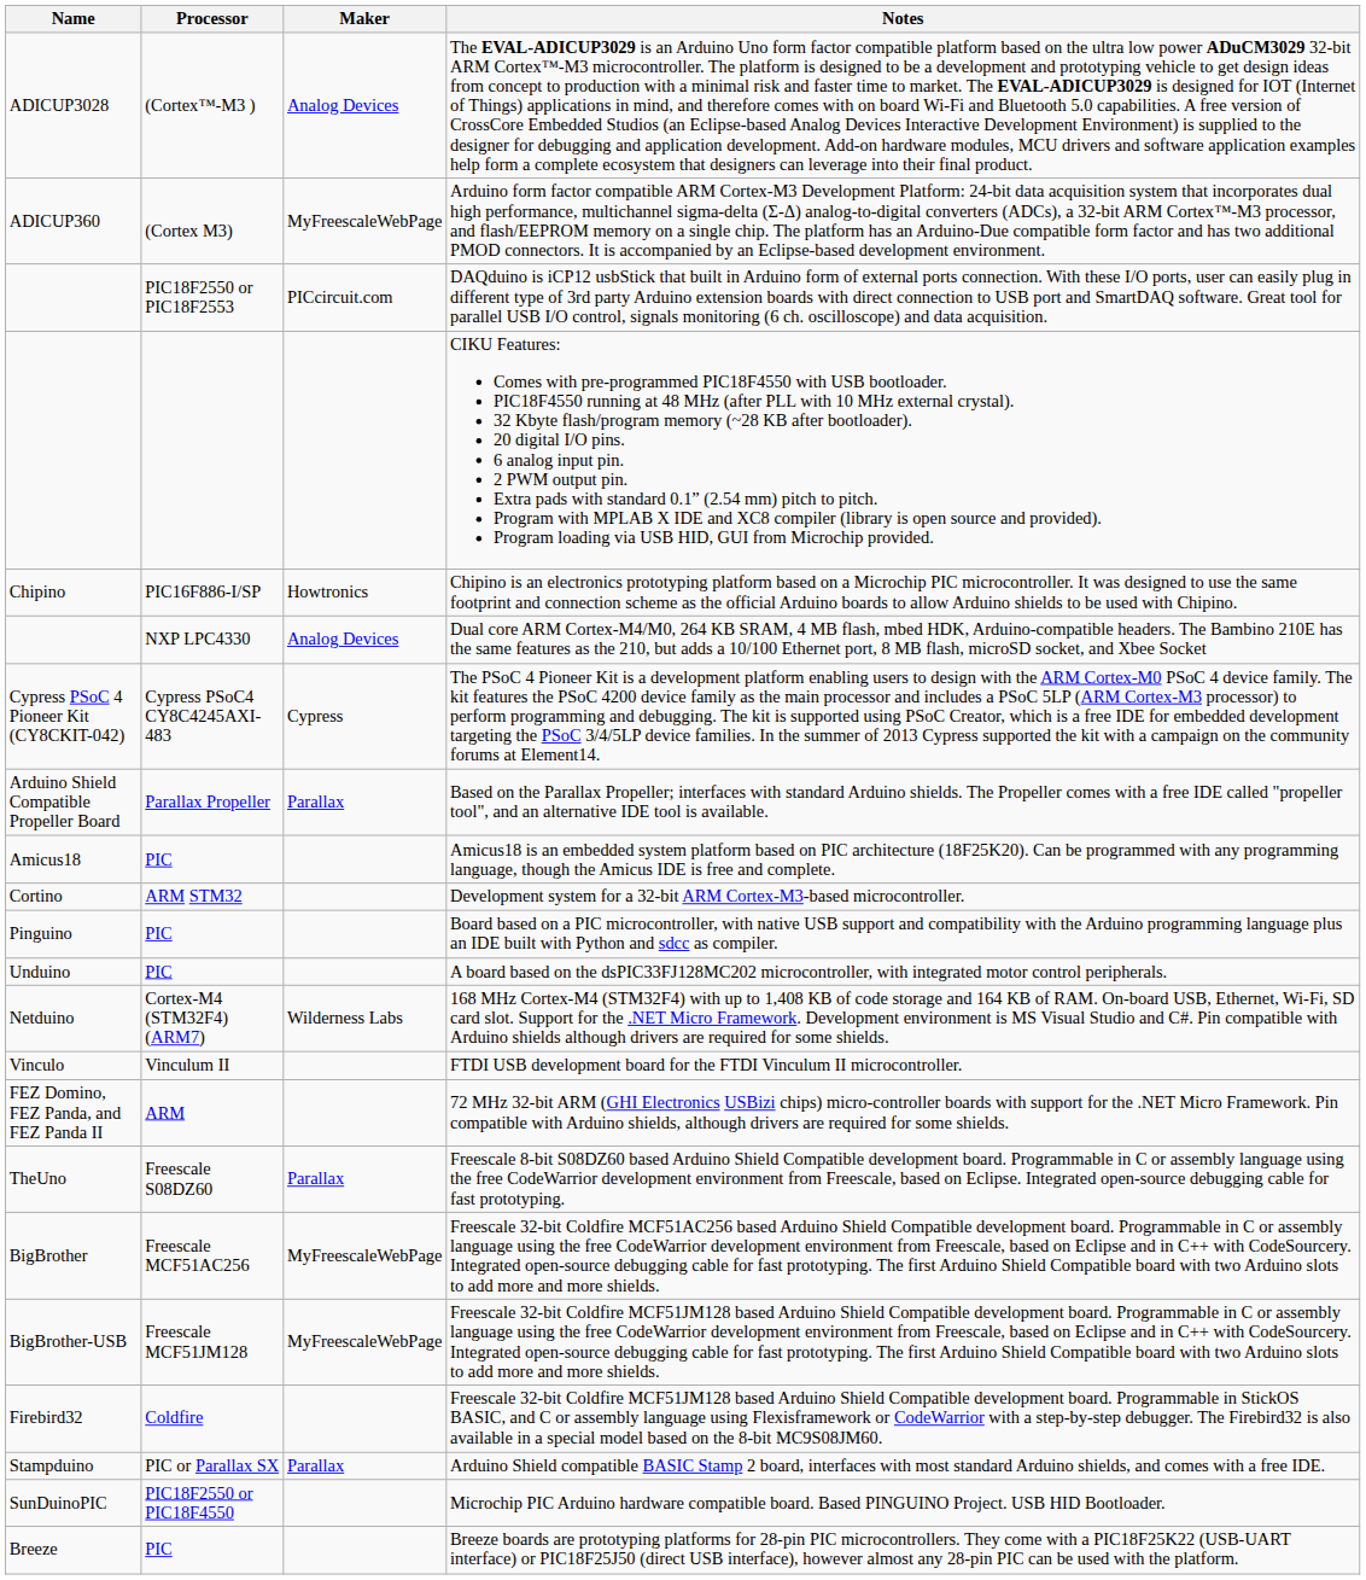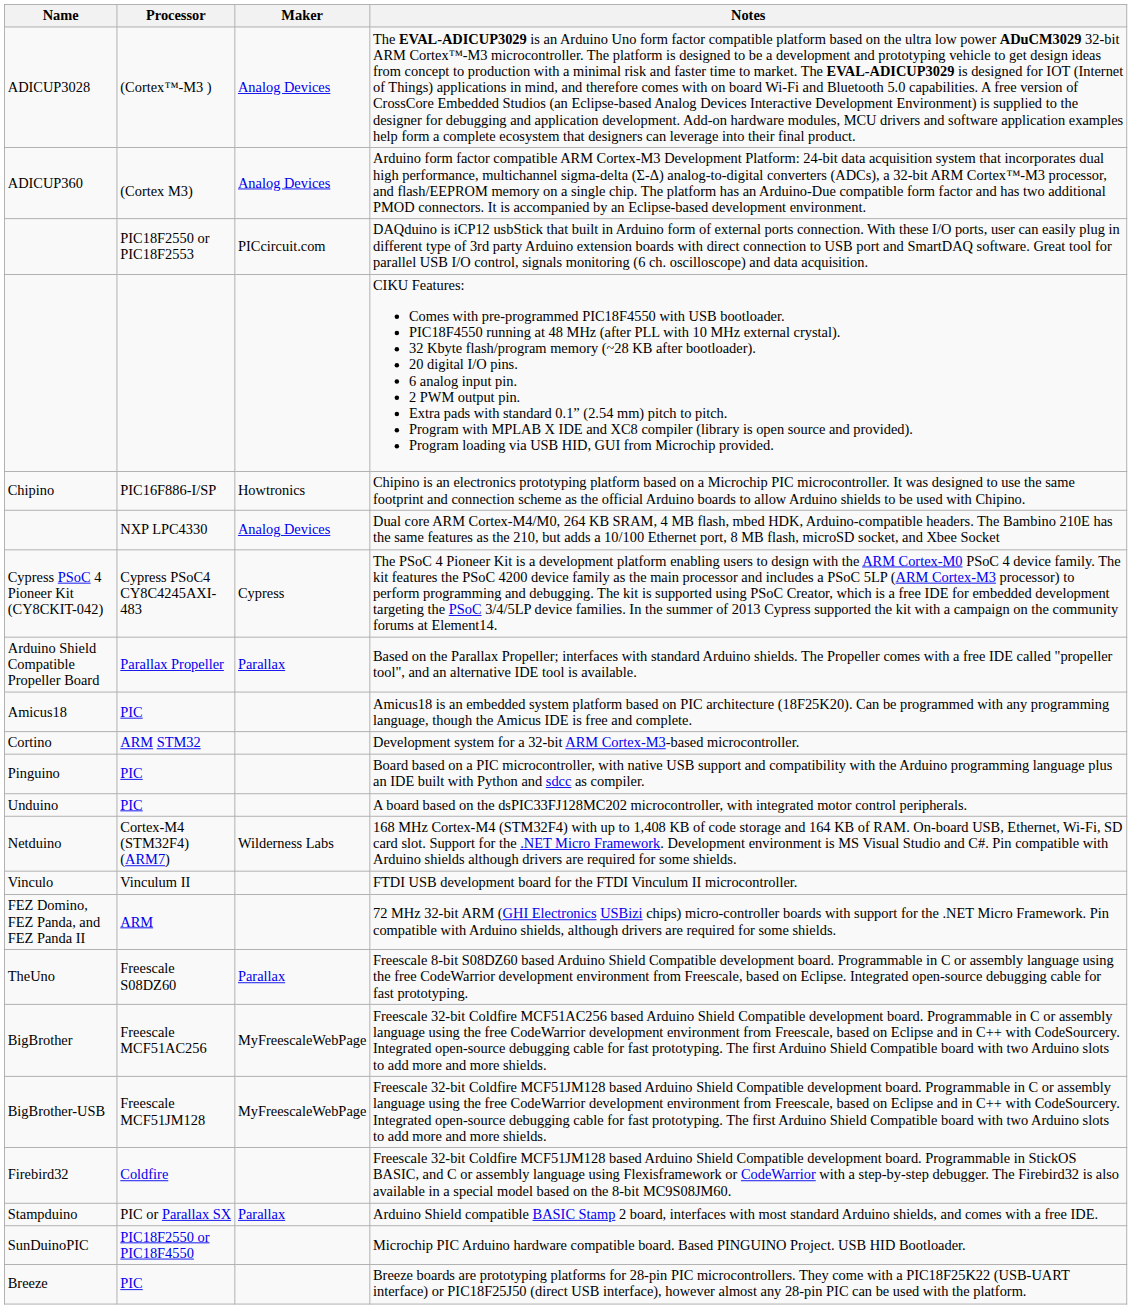 <table class="wikitable sortable">
 <tr>
 <th>Name</th>
 <th>Processor</th>
 <th>Maker</th>
 <th>Notes</th>
 </tr>
 <tr>
 <td>ADICUP3028</td>
 <td><strong></strong>   (Cortex™-M3 )</td>
 <td><a href='#'>Analog Devices</a></td>
 <td>The <strong>EVAL-ADICUP3029</strong> is an Arduino Uno form factor compatible platform based on the ultra low power <strong>ADuCM3029</strong> 32-bit ARM Cortex™-M3 microcontroller.  The platform is designed to be a development and prototyping vehicle to get design ideas from concept to production with a minimal risk and faster time to market.  The <strong>EVAL-ADICUP3029</strong> is designed for IOT (Internet of Things) applications in mind, and therefore comes with on board Wi-Fi and Bluetooth 5.0 capabilities.  A free version of CrossCore Embedded Studios (an Eclipse-based Analog Devices Interactive Development Environment) is supplied to the designer for debugging and application development.  Add-on hardware modules, MCU drivers and software application examples help form a complete ecosystem that designers can leverage into their final product.</td>
 </tr>
 <tr>
 <td>ADICUP360</td>
 <td><br>(Cortex M3)</td>
-<td>MyFreescaleWebPage</td>
+<td><a href='#'>Analog Devices</a></td>
 <td>Arduino form factor compatible ARM Cortex-M3 Development Platform: 24-bit data acquisition system that incorporates dual high performance, multichannel sigma-delta (Σ-Δ) analog-to-digital converters (ADCs), a 32-bit ARM Cortex™-M3 processor, and flash/EEPROM memory on a single chip. The platform has an Arduino-Due compatible form factor and has two additional PMOD connectors. It is accompanied by an Eclipse-based development environment.</td>
 </tr>
 <tr>
 <td></td>
 <td>PIC18F2550 or<br>PIC18F2553</td>
 <td>PICcircuit.com</td>
 <td>DAQduino is iCP12 usbStick that built in Arduino form of external ports connection. With these I/O ports, user can easily plug in different type of 3rd party Arduino extension boards with direct connection to USB port and SmartDAQ software. Great tool for parallel USB I/O control, signals monitoring (6 ch. oscilloscope) and data acquisition.</td>
 </tr>
 <tr>
 <td></td>
 <td></td>
 <td></td>
 <td>CIKU Features:<br><ul><li>Comes with pre-programmed PIC18F4550 with USB bootloader.</li><li>PIC18F4550 running at 48 MHz (after PLL with 10 MHz external crystal).</li><li>32 Kbyte flash/program memory (~28 KB after bootloader).</li><li>20 digital I/O pins.</li><li>6 analog input pin.</li><li>2 PWM output pin.</li><li>Extra pads with standard 0.1” (2.54 mm) pitch to pitch.</li><li>Program with MPLAB X IDE and XC8 compiler (library is open source and provided).</li><li>Program loading via USB HID, GUI from Microchip provided.</li></ul></td>
 </tr>
 <tr>
 <td>Chipino</td>
 <td>PIC16F886-I/SP</td>
 <td>Howtronics</td>
 <td>Chipino is an electronics prototyping platform based on a Microchip PIC microcontroller. It was designed to use the same footprint and connection scheme as the official Arduino boards to allow Arduino shields to be used with Chipino.</td>
 </tr>
 <tr>
 <td></td>
 <td>NXP LPC4330</td>
 <td><a href='#'>Analog Devices</a></td>
 <td>Dual core ARM Cortex-M4/M0, 264 KB SRAM, 4 MB flash, mbed HDK, Arduino-compatible headers. The Bambino 210E has the same features as the 210, but adds a 10/100 Ethernet port, 8 MB flash, microSD socket, and Xbee Socket</td>
 </tr>
 <tr>
 <td>Cypress <a href='#'>PSoC</a> 4 Pioneer Kit (CY8CKIT-042)</td>
 <td>Cypress PSoC4 CY8C4245AXI-483</td>
 <td>Cypress</td>
 <td>The PSoC 4 Pioneer Kit is a development platform enabling users to design with the <a href='#'>ARM Cortex-M0</a> PSoC 4 device family. The kit features the PSoC 4200 device family as the main processor and includes a PSoC 5LP (<a href='#'>ARM Cortex-M3</a> processor) to perform programming and debugging. The kit is supported using PSoC Creator, which is a free IDE for embedded development targeting the <a href='#'>PSoC</a> 3/4/5LP device families. In the summer of 2013 Cypress supported the kit with a  campaign on the community forums at Element14.</td>
 </tr>
 <tr>
 <td>Arduino Shield Compatible Propeller Board</td>
 <td><a href='#'>Parallax Propeller</a></td>
 <td><a href='#'>Parallax</a></td>
 <td>Based on the Parallax Propeller; interfaces with standard Arduino shields. The Propeller comes with a free IDE called "propeller tool", and an alternative IDE tool is available.</td>
 </tr>
 <tr>
 <td>Amicus18</td>
 <td><a href='#'>PIC</a></td>
 <td></td>
 <td>Amicus18 is an embedded system platform based on PIC architecture (18F25K20). Can be programmed with any programming language, though the Amicus IDE is free and complete.</td>
 </tr>
 <tr>
 <td>Cortino</td>
 <td><a href='#'>ARM</a> <a href='#'>STM32</a></td>
 <td></td>
 <td>Development system for a 32-bit <a href='#'>ARM Cortex-M3</a>-based microcontroller.</td>
 </tr>
 <tr>
 <td>Pinguino</td>
 <td><a href='#'>PIC</a></td>
 <td></td>
 <td>Board based on a PIC microcontroller, with native USB support and compatibility with the Arduino programming language plus an IDE built with Python and <a href='#'>sdcc</a> as compiler.</td>
 </tr>
 <tr>
 <td>Unduino</td>
 <td><a href='#'>PIC</a></td>
 <td></td>
 <td>A board based on the dsPIC33FJ128MC202 microcontroller, with integrated motor control peripherals.</td>
 </tr>
 <tr>
 <td>Netduino</td>
 <td>Cortex-M4 (STM32F4)<br>(<a href='#'>ARM7</a>)</td>
 <td>Wilderness Labs</td>
 <td>168 MHz Cortex-M4 (STM32F4) with up to 1,408 KB of code storage and 164 KB of RAM. On-board USB, Ethernet, Wi-Fi, SD card slot. Support for the <a href='#'>.NET Micro Framework</a>. Development environment is MS Visual Studio and C#.  Pin compatible with Arduino shields although drivers are required for some shields.</td>
 </tr>
 <tr>
 <td>Vinculo</td>
 <td>Vinculum II</td>
 <td></td>
 <td>FTDI USB development board for the FTDI Vinculum II microcontroller.</td>
 </tr>
 <tr>
 <td>FEZ Domino, FEZ Panda, and FEZ Panda II</td>
 <td><a href='#'>ARM</a></td>
 <td></td>
 <td>72 MHz 32-bit ARM (<a href='#'>GHI Electronics</a> <a href='#'>USBizi</a> chips) micro-controller boards with support for the .NET Micro Framework. Pin compatible with Arduino shields, although drivers are required for some shields.</td>
 </tr>
 <tr>
 <td>TheUno</td>
 <td>Freescale S08DZ60</td>
 <td><a href='#'>Parallax</a></td>
 <td> Freescale 8-bit S08DZ60 based Arduino Shield Compatible development board. Programmable in C or assembly language using the free CodeWarrior development environment from Freescale, based on Eclipse. Integrated open-source debugging cable for fast prototyping.</td>
 </tr>
 <tr>
 <td>BigBrother</td>
 <td>Freescale MCF51AC256</td>
 <td>MyFreescaleWebPage</td>
 <td> Freescale 32-bit Coldfire MCF51AC256 based Arduino Shield Compatible development board. Programmable in C or assembly language using the free CodeWarrior development environment from Freescale, based on Eclipse and in C++ with CodeSourcery. Integrated open-source debugging cable for fast prototyping. The first Arduino Shield Compatible board with two Arduino slots to add more and more shields.</td>
 </tr>
 <tr>
 <td>BigBrother-USB</td>
 <td>Freescale MCF51JM128</td>
 <td>MyFreescaleWebPage</td>
 <td> Freescale 32-bit Coldfire MCF51JM128 based Arduino Shield Compatible development board. Programmable in C or assembly language using the free CodeWarrior development environment from Freescale, based on Eclipse and in C++ with CodeSourcery. Integrated open-source debugging cable for fast prototyping. The first Arduino Shield Compatible board with two Arduino slots to add more and more shields.</td>
 </tr>
 <tr>
 <td>Firebird32</td>
 <td><a href='#'>Coldfire</a></td>
 <td></td>
 <td>Freescale 32-bit Coldfire MCF51JM128 based Arduino Shield Compatible development board. Programmable in StickOS BASIC, and C or assembly language using Flexisframework or <a href='#'>CodeWarrior</a> with a step-by-step debugger. The Firebird32 is also available in a special model based on the 8-bit MC9S08JM60.</td>
 </tr>
 <tr>
 <td>Stampduino</td>
 <td>PIC or <a href='#'>Parallax SX</a></td>
 <td><a href='#'>Parallax</a></td>
 <td>Arduino Shield compatible <a href='#'>BASIC Stamp</a> 2 board, interfaces with most standard Arduino shields, and comes with a free IDE.</td>
 </tr>
 <tr>
 <td>SunDuinoPIC</td>
 <td><a href='#'>PIC18F2550 or PIC18F4550</a></td>
 <td></td>
 <td>Microchip PIC Arduino hardware compatible board. Based PINGUINO Project. USB HID Bootloader.</td>
 </tr>
 <tr>
 <td>Breeze</td>
 <td><a href='#'>PIC</a></td>
 <td></td>
 <td>Breeze boards are prototyping platforms for 28-pin PIC microcontrollers. They come with a PIC18F25K22 (USB-UART interface) or PIC18F25J50 (direct USB interface), however almost any 28-pin PIC can be used with the platform.</td>
 </tr>
 </table>
